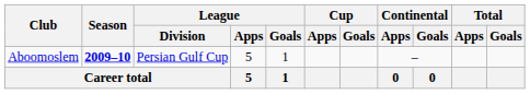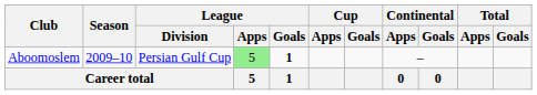 <table class="wikitable" style="text-align:center">
 <tr>
 <th rowspan="2">Club</th>
 <th rowspan="2">Season</th>
 <th colspan="3">League</th>
 <th colspan="2">Cup</th>
 <th colspan="2">Continental</th>
 <th colspan="2">Total</th>
 </tr>
 <tr>
 <th>Division</th>
 <th>Apps</th>
 <th>Goals</th>
 <th>Apps</th>
 <th>Goals</th>
 <th>Apps</th>
 <th>Goals</th>
 <th>Apps</th>
 <th>Goals</th>
 </tr>
 <tr>
 <td><a href='#'>Aboomoslem</a></td>
-<td><strong><a href='#'>2009–10</a></strong></td>
+<td><a href='#'>2009–10</a></td>
 <td><a href='#'>Persian Gulf Cup</a></td>
-<td>5</td>
-<td>1</td>
+<td style="background: lightgreen;">5</td>
+<td><strong>1</strong></td>
 <td></td>
 <td></td>
 <td colspan="2">–</td>
 <td></td>
 <td></td>
 </tr>
 <tr>
 <th colspan="3">Career total</th>
 <th>5</th>
 <th>1</th>
 <th></th>
 <th></th>
 <th>0</th>
 <th>0</th>
 <th></th>
 <th></th>
 </tr>
 </table>
